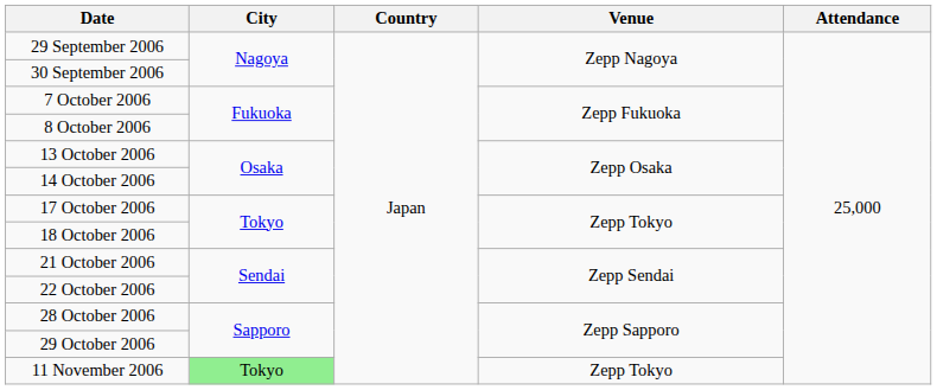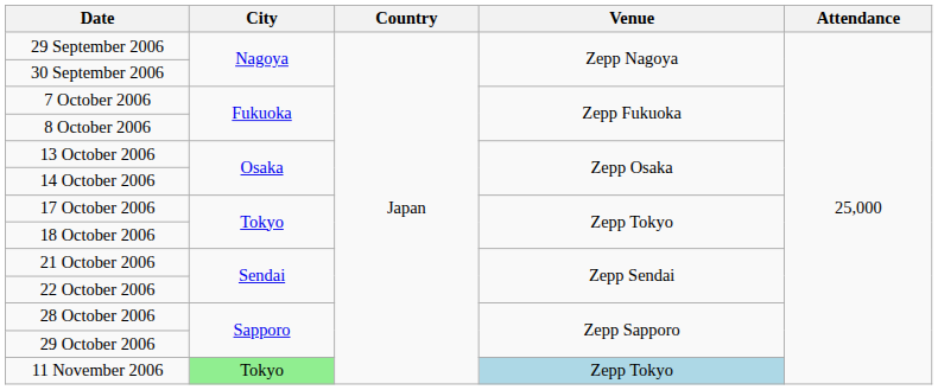 <table class="wikitable" style="text-align:center;">
 <tr>
 <th scope="col" style="width:11em;">Date</th>
 <th scope="col" style="width:8.5em;">City</th>
 <th scope="col" style="width:8.5em;">Country</th>
 <th scope="col" style="width:19em;">Venue</th>
 <th scope="col" style="width:8.5em;">Attendance</th>
 </tr>
 <tr>
 <td>29 September 2006</td>
 <td rowspan="2"><a href='#'>Nagoya</a></td>
 <td rowspan="13">Japan</td>
 <td rowspan="2">Zepp Nagoya</td>
 <td rowspan="13">25,000</td>
 </tr>
 <tr>
 <td>30 September 2006</td>
 </tr>
 <tr>
 <td>7 October 2006</td>
 <td rowspan="2"><a href='#'>Fukuoka</a></td>
 <td rowspan="2">Zepp Fukuoka</td>
 </tr>
 <tr>
 <td>8 October 2006</td>
 </tr>
 <tr>
 <td>13 October 2006</td>
 <td rowspan="2"><a href='#'>Osaka</a></td>
 <td rowspan="2">Zepp Osaka</td>
 </tr>
 <tr>
 <td>14 October 2006</td>
 </tr>
 <tr>
 <td>17 October 2006</td>
 <td rowspan="2"><a href='#'>Tokyo</a></td>
 <td rowspan="2">Zepp Tokyo</td>
 </tr>
 <tr>
 <td>18 October 2006</td>
 </tr>
 <tr>
 <td>21 October 2006</td>
 <td rowspan="2"><a href='#'>Sendai</a></td>
 <td rowspan="2">Zepp Sendai</td>
 </tr>
 <tr>
 <td>22 October 2006</td>
 </tr>
 <tr>
 <td>28 October 2006</td>
 <td rowspan="2"><a href='#'>Sapporo</a></td>
 <td rowspan="2">Zepp Sapporo</td>
 </tr>
 <tr>
 <td>29 October 2006</td>
 </tr>
 <tr>
 <td>11 November 2006</td>
 <td style="background: lightgreen;">Tokyo</td>
-<td>Zepp Tokyo</td>
+<td style="background: lightblue;">Zepp Tokyo</td>
 </tr>
 </table>
